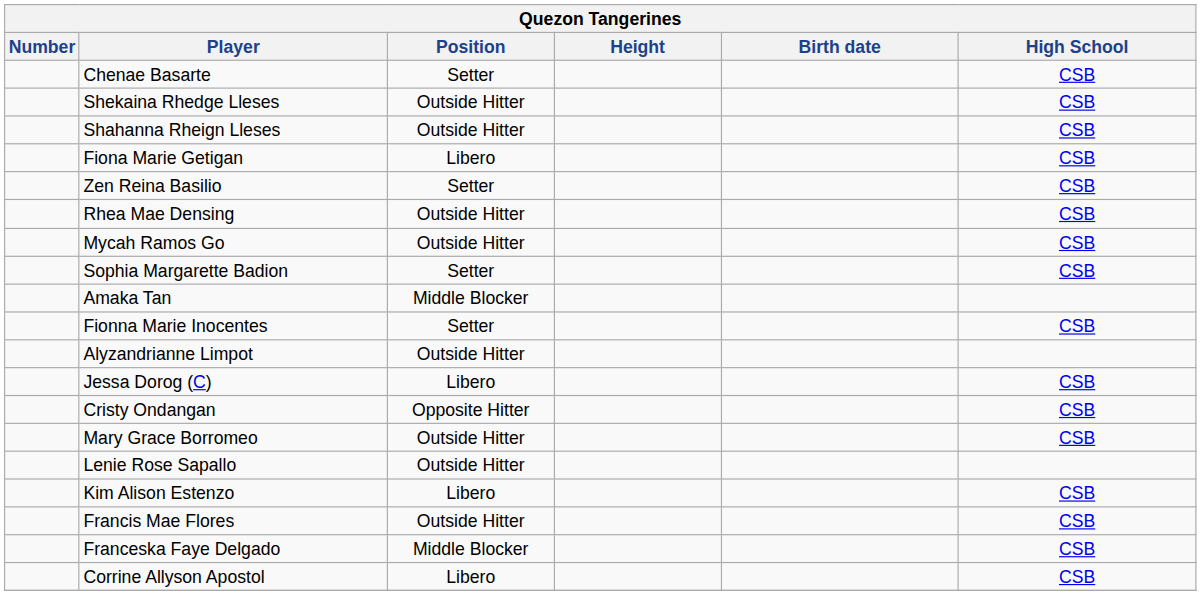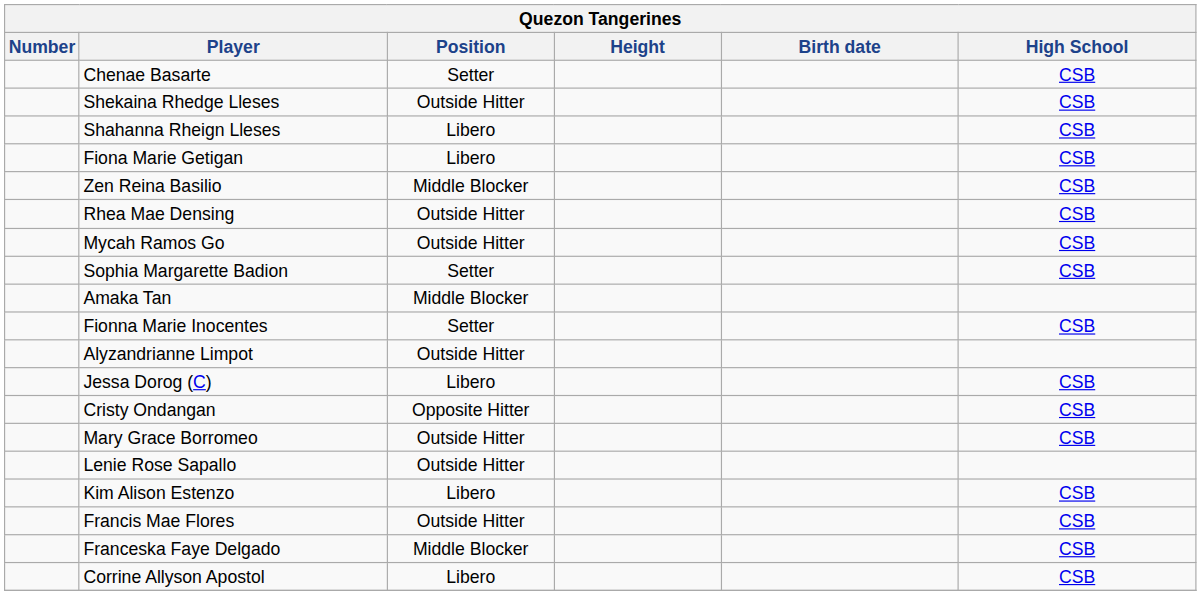 <table class="wikitable sortable" style="font-size:95%; text-align:left;">
 <tr>
 <th colspan="7"><strong>Quezon Tangerines</strong></th>
 </tr>
 <tr style="background:#FFFFFF; color: #1D428A">
 <th style= "align=center; width:1em;">Number</th>
 <th style= "align=center;width:17em;">Player</th>
 <th style= "align=center; width:9em;">Position</th>
 <th style= "align=center; width:9em;">Height</th>
 <th style= "align=center; width:13em;">Birth date</th>
 <th style= "align=center; width:13em;">High School</th>
 </tr>
 <tr align=center>
 <td></td>
 <td align=left>Chenae Basarte</td>
 <td>Setter</td>
 <td></td>
 <td></td>
 <td><a href='#'>CSB</a></td>
 </tr>
 <tr align=center>
 <td></td>
 <td align=left>Shekaina Rhedge Lleses</td>
 <td>Outside Hitter</td>
 <td></td>
 <td></td>
 <td><a href='#'>CSB</a></td>
 </tr>
 <tr align=center>
 <td></td>
 <td align=left>Shahanna Rheign Lleses</td>
-<td>Outside Hitter</td>
+<td>Libero</td>
 <td></td>
 <td></td>
 <td><a href='#'>CSB</a></td>
 </tr>
 <tr align=center>
 <td></td>
 <td align=left>Fiona Marie Getigan</td>
 <td>Libero</td>
 <td></td>
 <td></td>
 <td><a href='#'>CSB</a></td>
 </tr>
 <tr align=center>
 <td></td>
 <td align=left>Zen Reina Basilio</td>
-<td>Setter</td>
+<td>Middle Blocker</td>
 <td></td>
 <td></td>
 <td><a href='#'>CSB</a></td>
 </tr>
 <tr align=center>
 <td></td>
 <td align=left>Rhea Mae Densing</td>
 <td>Outside Hitter</td>
 <td></td>
 <td></td>
 <td><a href='#'>CSB</a></td>
 </tr>
 <tr align=center>
 <td></td>
 <td align=left>Mycah Ramos Go</td>
 <td>Outside Hitter</td>
 <td></td>
 <td></td>
 <td><a href='#'>CSB</a></td>
 </tr>
 <tr align=center>
 <td></td>
 <td align=left>Sophia Margarette Badion</td>
 <td>Setter</td>
 <td></td>
 <td></td>
 <td><a href='#'>CSB</a></td>
 </tr>
 <tr align=center>
 <td></td>
 <td align=left>Amaka Tan</td>
 <td>Middle Blocker</td>
 <td></td>
 <td></td>
 <td></td>
 </tr>
 <tr align=center>
 <td></td>
 <td align=left>Fionna Marie Inocentes</td>
 <td>Setter</td>
 <td></td>
 <td></td>
 <td><a href='#'>CSB</a></td>
 </tr>
 <tr align=center>
 <td></td>
 <td align=left>Alyzandrianne Limpot</td>
 <td>Outside Hitter</td>
 <td></td>
 <td></td>
 <td></td>
 </tr>
 <tr align=center>
 <td></td>
 <td align=left>Jessa Dorog (<a href='#'>C</a>)</td>
 <td>Libero</td>
 <td></td>
 <td></td>
 <td><a href='#'>CSB</a></td>
 </tr>
 <tr align=center>
 <td></td>
 <td align=left>Cristy Ondangan</td>
 <td>Opposite Hitter</td>
 <td></td>
 <td></td>
 <td><a href='#'>CSB</a></td>
 </tr>
 <tr align=center>
 <td></td>
 <td align=left>Mary Grace Borromeo</td>
 <td>Outside Hitter</td>
 <td></td>
 <td></td>
 <td><a href='#'>CSB</a></td>
 </tr>
 <tr align=center>
 <td></td>
 <td align=left>Lenie Rose Sapallo</td>
 <td>Outside Hitter</td>
 <td></td>
 <td></td>
 <td></td>
 </tr>
 <tr align=center>
 <td></td>
 <td align=left>Kim Alison Estenzo</td>
 <td>Libero</td>
 <td></td>
 <td></td>
 <td><a href='#'>CSB</a></td>
 </tr>
 <tr align=center>
 <td></td>
 <td align=left>Francis Mae Flores</td>
 <td>Outside Hitter</td>
 <td></td>
 <td></td>
 <td><a href='#'>CSB</a></td>
 </tr>
 <tr align=center>
 <td></td>
 <td align=left>Franceska Faye Delgado</td>
 <td>Middle Blocker</td>
 <td></td>
 <td></td>
 <td><a href='#'>CSB</a></td>
 </tr>
 <tr align=center>
 <td></td>
 <td align=left>Corrine Allyson Apostol</td>
 <td>Libero</td>
 <td></td>
 <td></td>
 <td><a href='#'>CSB</a></td>
 </tr>
 <tr align=center>
 </tr>
 </table>
